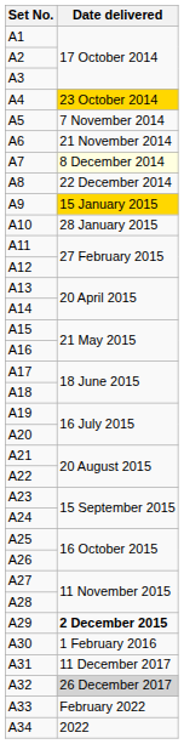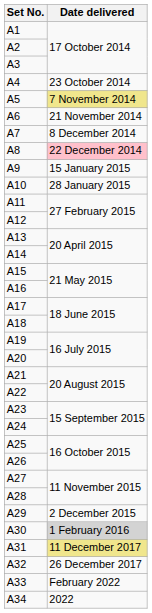 <table class="wikitable">
 <tr>
 <th>Set No.</th>
 <th>Date delivered</th>
 </tr>
 <tr>
 <td>A1</td>
 <td rowspan="3">17 October 2014</td>
 </tr>
 <tr>
 <td>A2</td>
 </tr>
 <tr>
 <td>A3</td>
 </tr>
 <tr>
 <td>A4</td>
-<td style="background: gold;">23 October 2014</td>
+<td>23 October 2014</td>
 </tr>
 <tr>
 <td>A5</td>
-<td>7 November 2014</td>
+<td style="background: khaki;">7 November 2014</td>
 </tr>
 <tr>
 <td>A6</td>
 <td>21 November 2014</td>
 </tr>
 <tr>
 <td>A7</td>
-<td style="background: lightyellow;">8 December 2014</td>
+<td>8 December 2014</td>
 </tr>
 <tr>
 <td>A8</td>
-<td>22 December 2014</td>
+<td style="background: pink;">22 December 2014</td>
 </tr>
 <tr>
 <td>A9</td>
-<td style="background: gold;">15 January 2015</td>
+<td>15 January 2015</td>
 </tr>
 <tr>
 <td>A10</td>
 <td>28 January 2015</td>
 </tr>
 <tr>
 <td>A11</td>
 <td rowspan="2">27 February 2015</td>
 </tr>
 <tr>
 <td>A12</td>
 </tr>
 <tr>
 <td>A13</td>
 <td rowspan="2">20 April 2015</td>
 </tr>
 <tr>
 <td>A14</td>
 </tr>
 <tr>
 <td>A15</td>
 <td rowspan="2">21 May 2015</td>
 </tr>
 <tr>
 <td>A16</td>
 </tr>
 <tr>
 <td>A17</td>
 <td rowspan="2">18 June 2015</td>
 </tr>
 <tr>
 <td>A18</td>
 </tr>
 <tr>
 <td>A19</td>
 <td rowspan="2">16 July 2015</td>
 </tr>
 <tr>
 <td>A20</td>
 </tr>
 <tr>
 <td>A21</td>
 <td rowspan="2">20 August 2015</td>
 </tr>
 <tr>
 <td>A22</td>
 </tr>
 <tr>
 <td>A23</td>
 <td rowspan="2">15 September 2015</td>
 </tr>
 <tr>
 <td>A24</td>
 </tr>
 <tr>
 <td>A25</td>
 <td rowspan="2">16 October 2015</td>
 </tr>
 <tr>
 <td>A26</td>
 </tr>
 <tr>
 <td>A27</td>
 <td rowspan="2">11 November 2015</td>
 </tr>
 <tr>
 <td>A28</td>
 </tr>
 <tr>
 <td>A29</td>
-<td><strong>2 December 2015</strong></td>
+<td>2 December 2015</td>
 </tr>
 <tr>
 <td>A30</td>
-<td>1 February 2016</td>
+<td style="background: lightgrey;">1 February 2016</td>
 </tr>
 <tr>
 <td>A31</td>
-<td>11 December 2017</td>
+<td style="background: khaki;">11 December 2017</td>
 </tr>
 <tr>
 <td>A32</td>
-<td style="background: lightgrey;">26 December 2017</td>
+<td>26 December 2017</td>
 </tr>
 <tr>
 <td>A33</td>
 <td>February 2022</td>
 </tr>
 <tr>
 <td>A34</td>
 <td>2022</td>
 </tr>
 </table>
